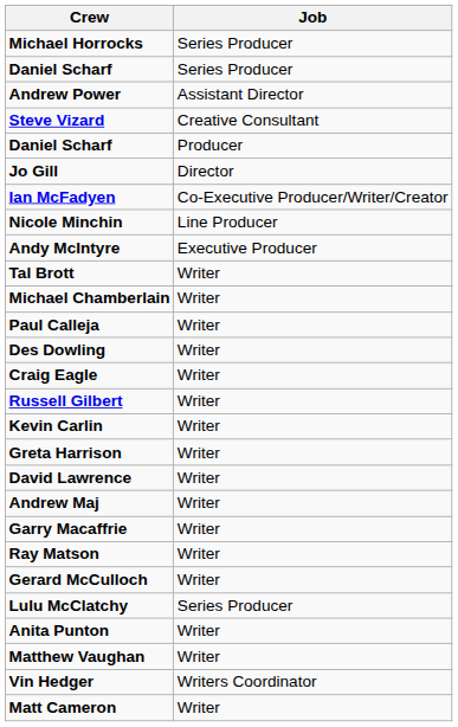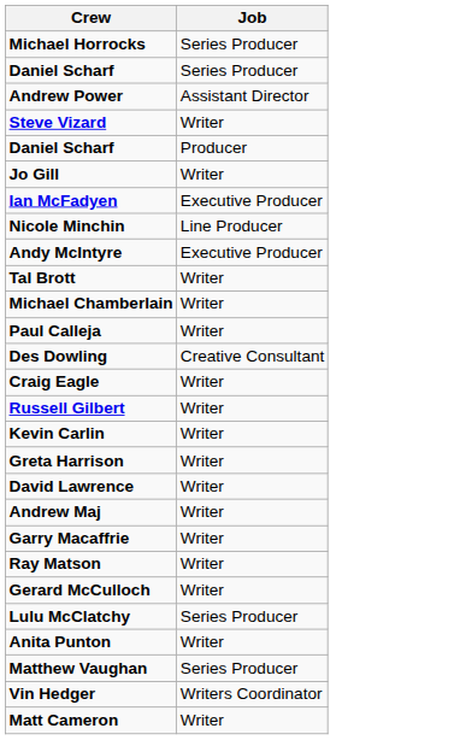 <table class="wikitable">
 <tr>
 <th>Crew</th>
 <th>Job</th>
 </tr>
 <tr>
 <td><strong>Michael Horrocks</strong></td>
 <td>Series Producer</td>
 </tr>
 <tr>
 <td><strong>Daniel Scharf</strong></td>
 <td>Series Producer</td>
 </tr>
 <tr>
 <td><strong>Andrew Power</strong></td>
 <td>Assistant Director</td>
 </tr>
 <tr>
 <td><strong><a href='#'>Steve Vizard</a></strong></td>
-<td>Creative Consultant</td>
+<td>Writer</td>
 </tr>
 <tr>
 <td><strong>Daniel Scharf</strong></td>
 <td>Producer</td>
 </tr>
 <tr>
 <td><strong>Jo Gill</strong></td>
-<td>Director</td>
+<td>Writer</td>
 </tr>
 <tr>
 <td><strong><a href='#'>Ian McFadyen</a></strong></td>
-<td>Co-Executive Producer/Writer/Creator</td>
+<td>Executive Producer</td>
 </tr>
 <tr>
 <td><strong>Nicole Minchin</strong></td>
 <td>Line Producer</td>
 </tr>
 <tr>
 <td><strong>Andy McIntyre</strong></td>
 <td>Executive Producer</td>
 </tr>
 <tr>
 <td><strong>Tal Brott</strong></td>
 <td>Writer</td>
 </tr>
 <tr>
 <td><strong>Michael Chamberlain</strong></td>
 <td>Writer</td>
 </tr>
 <tr>
 <td><strong>Paul Calleja</strong></td>
 <td>Writer</td>
 </tr>
 <tr>
 <td><strong>Des Dowling</strong></td>
-<td>Writer</td>
+<td>Creative Consultant</td>
 </tr>
 <tr>
 <td><strong>Craig Eagle</strong></td>
 <td>Writer</td>
 </tr>
 <tr>
 <td><strong><a href='#'>Russell Gilbert</a></strong></td>
 <td>Writer</td>
 </tr>
 <tr>
 <td><strong>Kevin Carlin</strong></td>
 <td>Writer</td>
 </tr>
 <tr>
 <td><strong>Greta Harrison</strong></td>
 <td>Writer</td>
 </tr>
 <tr>
 <td><strong>David Lawrence</strong></td>
 <td>Writer</td>
 </tr>
 <tr>
 <td><strong>Andrew Maj</strong></td>
 <td>Writer</td>
 </tr>
 <tr>
 <td><strong>Garry Macaffrie</strong></td>
 <td>Writer</td>
 </tr>
 <tr>
 <td><strong>Ray Matson</strong></td>
 <td>Writer</td>
 </tr>
 <tr>
 <td><strong>Gerard McCulloch</strong></td>
 <td>Writer</td>
 </tr>
 <tr>
 <td><strong>Lulu McClatchy</strong></td>
 <td>Series Producer</td>
 </tr>
 <tr>
 <td><strong>Anita Punton</strong></td>
 <td>Writer</td>
 </tr>
 <tr>
 <td><strong>Matthew Vaughan</strong></td>
-<td>Writer</td>
+<td>Series Producer</td>
 </tr>
 <tr>
 <td><strong>Vin Hedger</strong></td>
 <td>Writers Coordinator</td>
 </tr>
 <tr>
 <td><strong>Matt Cameron</strong></td>
 <td>Writer</td>
 </tr>
 </table>
